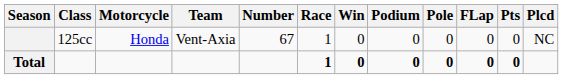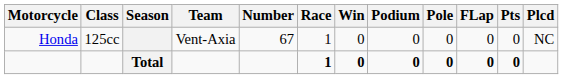 <table class="wikitable">
 <tr>
+<th>Motorcycle</th>
+<th>Class</th>
 <th>Season</th>
-<th>Class</th>
-<th>Motorcycle</th>
 <th>Team</th>
 <th>Number</th>
 <th>Race</th>
 <th>Win</th>
 <th>Podium</th>
 <th>Pole</th>
 <th>FLap</th>
 <th>Pts</th>
 <th>Plcd</th>
 </tr>
 <tr align="right">
+<td><a href='#'>Honda</a></td>
+<td>125cc</td>
 <th></th>
-<td>125cc</td>
-<td><a href='#'>Honda</a></td>
 <td>Vent-Axia</td>
 <td>67</td>
 <td>1</td>
 <td>0</td>
 <td>0</td>
 <td>0</td>
 <td>0</td>
 <td>0</td>
 <td>NC</td>
 </tr>
 <tr align="right">
-<th>Total</th>
 <td></td>
 <td></td>
+<th>Total</th>
 <td></td>
 <td></td>
 <td><strong>1</strong></td>
 <td><strong>0</strong></td>
 <td><strong>0</strong></td>
 <td><strong>0</strong></td>
 <td><strong>0</strong></td>
 <td><strong>0</strong></td>
 <td></td>
 </tr>
 </table>
